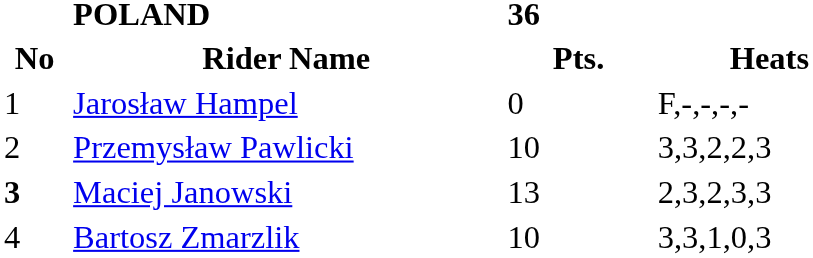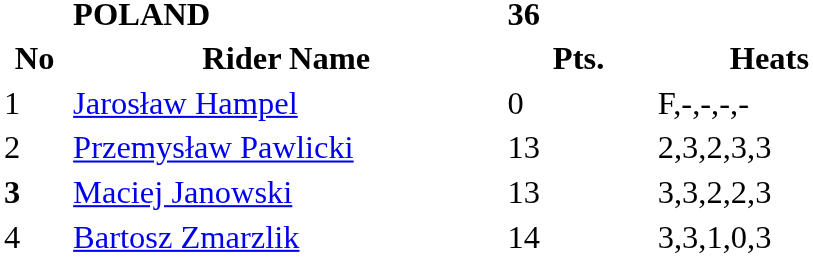 <table class="toccolours">
 <tr>
 <td></td>
 <td><strong>POLAND</strong></td>
 <td><strong>36</strong></td>
 </tr>
 <tr style="background-color:">
 <th width=30px>No</th>
 <th width=210px>Rider Name</th>
 <th width=70px>Pts.</th>
 <th width=110px>Heats</th>
 </tr>
 <tr style="background-color:">
 <td>1</td>
 <td><a href='#'>Jarosław Hampel</a></td>
 <td>0</td>
 <td>F,-,-,-,-</td>
 </tr>
 <tr style="background-color:">
 <td>2</td>
 <td><a href='#'>Przemysław Pawlicki</a></td>
-<td>10</td>
-<td>3,3,2,2,3</td>
+<td>13</td>
+<td>2,3,2,3,3</td>
 </tr>
 <tr style="background-color:">
 <td><strong>3</strong></td>
 <td><a href='#'>Maciej Janowski</a></td>
 <td>13</td>
-<td>2,3,2,3,3</td>
+<td>3,3,2,2,3</td>
 </tr>
 <tr style="background-color:">
 <td>4</td>
 <td><a href='#'>Bartosz Zmarzlik</a></td>
-<td>10</td>
+<td>14</td>
 <td>3,3,1,0,3</td>
 </tr>
 </table>
